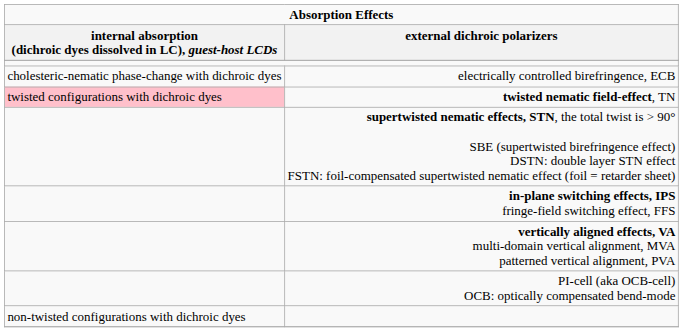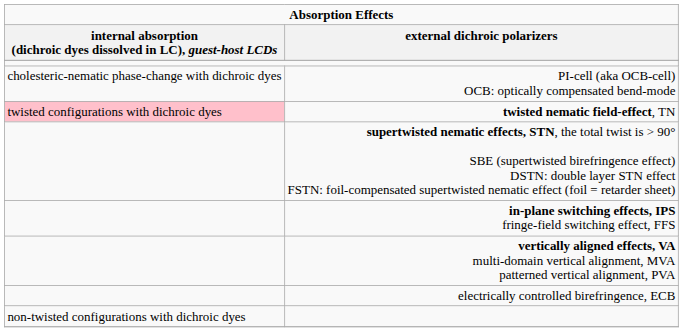 <table class="wikitable">
 <tr valign="top" align="left">
 <td colspan="2"  align="center"><strong>Absorption Effects</strong></td>
 </tr>
 <tr>
 <th valign="top" align="left"><strong>internal absorption<br>(dichroic dyes dissolved in LC)</strong>, <em>guest-host LCDs</em></th>
 <th valign="top" align="right"><strong>external dichroic polarizers</strong></th>
 </tr>
 <tr>
 </tr>
 <tr valign="top"|the electrical field aligns the liquid crystal>
 </tr>
 <tr valign="top"|current induced domain formation and scattering>
 </tr>
 <tr>
 <td colspan="2"></td>
 </tr>
 <tr>
 <td align="left" valign="top">cholesteric-nematic phase-change with dichroic dyes </td>
-<td align="right" valign="top">electrically controlled birefringence, ECB</td>
+<td align="right" valign="top">PI-cell  (aka OCB-cell)<br>OCB: optically compensated bend-mode</td>
 </tr>
 <tr>
 <td style="background: pink;">twisted configurations with dichroic dyes</td>
 <td align="right" valign="top"><strong>twisted nematic field-effect</strong>, TN</td>
 </tr>
 <tr>
 <td></td>
 <td align="right" valign="top"><strong>supertwisted nematic effects, STN</strong>, the total twist is > 90°<br><br>SBE (supertwisted birefringence effect) <br> DSTN: double layer STN effect<br> FSTN: foil-compensated supertwisted nematic effect (foil = retarder sheet)</td>
 </tr>
 <tr>
 <td></td>
 <td align="right" valign="top"><strong>in-plane switching effects, IPS</strong> <br>fringe-field switching effect, FFS</td>
 </tr>
 <tr>
 <td></td>
 <td align="right" valign="top"><strong>vertically aligned effects, VA</strong> <br>multi-domain vertical alignment, MVA <br>patterned vertical alignment, PVA </td>
 </tr>
 <tr>
 <td></td>
-<td align="right" valign="top">PI-cell  (aka OCB-cell)<br>OCB: optically compensated bend-mode</td>
+<td align="right" valign="top">electrically controlled birefringence, ECB</td>
 </tr>
 <tr>
 <td>non-twisted configurations with dichroic dyes </td>
 <td align="right" valign="top"></td>
 </tr>
 <tr>
 </tr>
 </table>
